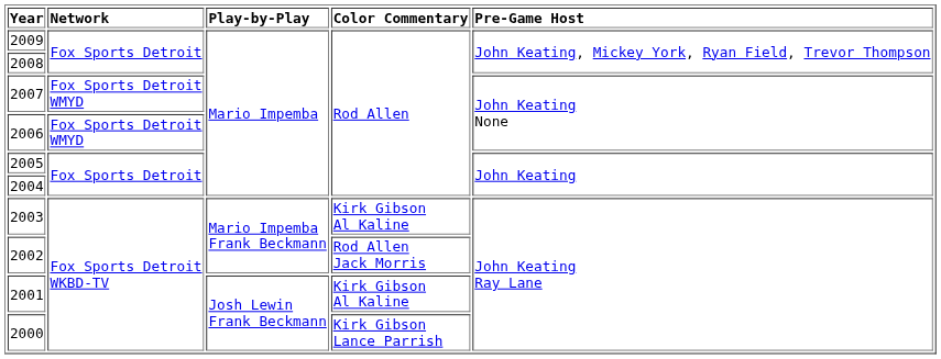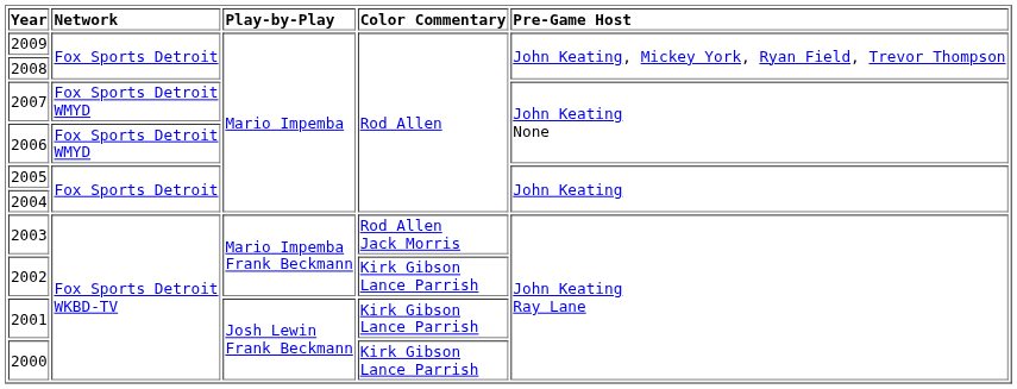 <table border="1" cellpadding="1">
 <tr>
 <td><strong>Year</strong></td>
 <td><strong>Network</strong></td>
 <td><strong>Play-by-Play</strong></td>
 <td><strong>Color Commentary</strong></td>
 <td><strong>Pre-Game Host</strong></td>
 </tr>
 <tr>
 <td>2009</td>
 <td rowspan=2><a href='#'>Fox Sports Detroit</a> <br></td>
 <td rowspan=6><a href='#'>Mario Impemba</a></td>
 <td rowspan=6><a href='#'>Rod Allen</a></td>
 <td rowspan=2><a href='#'>John Keating</a>, <a href='#'>Mickey York</a>, <a href='#'>Ryan Field</a>, <a href='#'>Trevor Thompson</a></td>
 </tr>
 <tr>
 <td>2008</td>
 </tr>
 <tr>
 <td>2007</td>
 <td><a href='#'>Fox Sports Detroit</a> <br> <a href='#'>WMYD</a></td>
 <td rowspan=2><a href='#'>John Keating</a> <br> None</td>
 </tr>
 <tr>
 <td>2006</td>
 <td><a href='#'>Fox Sports Detroit</a> <br> <a href='#'>WMYD</a></td>
 </tr>
 <tr>
 <td>2005</td>
 <td rowspan=2><a href='#'>Fox Sports Detroit</a></td>
 <td rowspan=2><a href='#'>John Keating</a></td>
 </tr>
 <tr>
 <td>2004</td>
 </tr>
 <tr>
 <td>2003</td>
 <td rowspan=4><a href='#'>Fox Sports Detroit</a> <br> <a href='#'>WKBD-TV</a></td>
 <td rowspan=2><a href='#'>Mario Impemba</a> <br> <a href='#'>Frank Beckmann</a></td>
-<td><a href='#'>Kirk Gibson</a> <br> <a href='#'>Al Kaline</a></td>
+<td><a href='#'>Rod Allen</a> <br> <a href='#'>Jack Morris</a></td>
 <td rowspan=4><a href='#'>John Keating</a> <br> <a href='#'>Ray Lane</a></td>
 </tr>
 <tr>
 <td>2002</td>
-<td><a href='#'>Rod Allen</a> <br> <a href='#'>Jack Morris</a></td>
+<td><a href='#'>Kirk Gibson</a> <br> <a href='#'>Lance Parrish</a></td>
 </tr>
 <tr>
 <td>2001</td>
 <td rowspan=2><a href='#'>Josh Lewin</a> <br> <a href='#'>Frank Beckmann</a></td>
-<td><a href='#'>Kirk Gibson</a> <br> <a href='#'>Al Kaline</a></td>
+<td><a href='#'>Kirk Gibson</a> <br> <a href='#'>Lance Parrish</a></td>
 </tr>
 <tr>
 <td>2000</td>
 <td><a href='#'>Kirk Gibson</a> <br> <a href='#'>Lance Parrish</a></td>
 </tr>
 </table>
